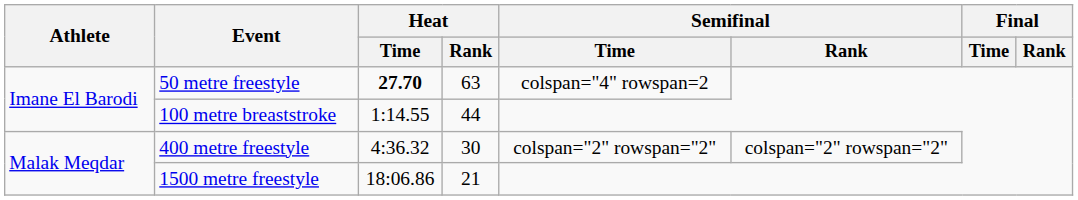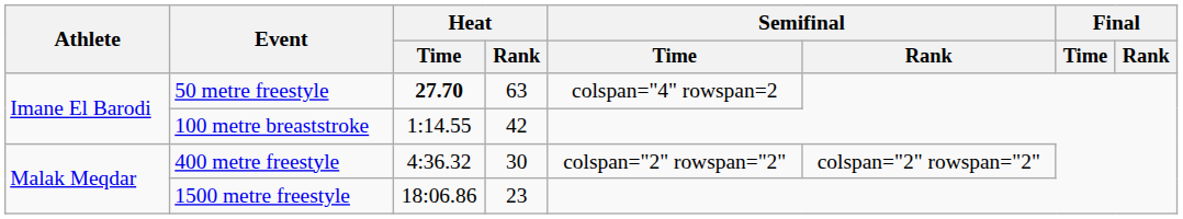 <table class="wikitable" style="text-align:center; font-size:90%; width:50%;">
 <tr>
 <th rowspan="2">Athlete</th>
 <th rowspan="2">Event</th>
 <th colspan="2">Heat</th>
 <th colspan="2">Semifinal</th>
 <th colspan="2">Final</th>
 </tr>
 <tr style="font-size:95%">
 <th>Time</th>
 <th>Rank</th>
 <th>Time</th>
 <th>Rank</th>
 <th>Time</th>
 <th>Rank</th>
 </tr>
 <tr align=center>
 <td align=left rowspan=2><a href='#'>Imane El Barodi</a></td>
 <td align=left><a href='#'>50 metre freestyle</a></td>
 <td><strong>27.70</strong></td>
 <td>63</td>
 <td>colspan="4" rowspan=2 </td>
 </tr>
 <tr align=center>
 <td align=left><a href='#'>100 metre breaststroke</a></td>
 <td>1:14.55</td>
-<td>44</td>
+<td>42</td>
 </tr>
 <tr align=center>
 <td align=left rowspan="2"><a href='#'>Malak Meqdar</a></td>
 <td align=left><a href='#'>400 metre freestyle</a></td>
 <td>4:36.32</td>
 <td>30</td>
 <td>colspan="2" rowspan="2"</td>
 <td>colspan="2" rowspan="2"</td>
 </tr>
 <tr align=center>
 <td align=left><a href='#'>1500 metre freestyle</a></td>
 <td>18:06.86</td>
-<td>21</td>
+<td>23</td>
 </tr>
 </table>
